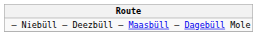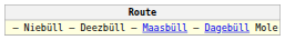 <table class="wikitable">
 <tr>
 <th>Route</th>
 </tr>
 <tr>
-<td> – Niebüll – Deezbüll – <a href='#'>Maasbüll</a> –  <a href='#'>Dagebüll</a> Mole</td>
+<td style="background: lightyellow;"> – Niebüll – Deezbüll – <a href='#'>Maasbüll</a> –  <a href='#'>Dagebüll</a> Mole</td>
 </tr>
 <tr>
 </tr>
 </table>
